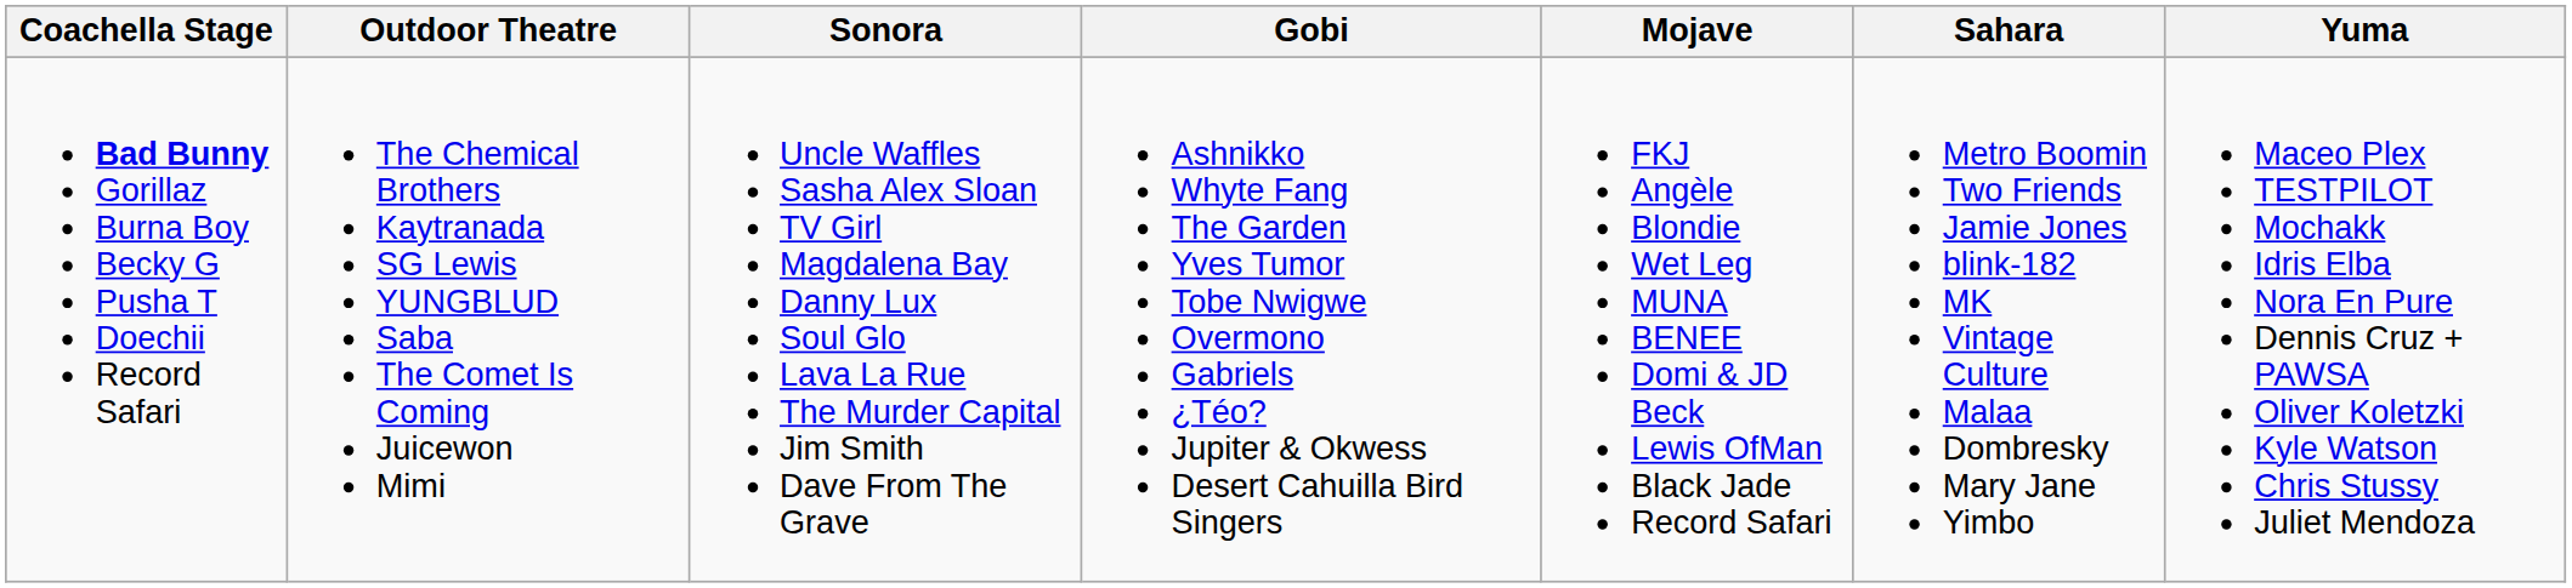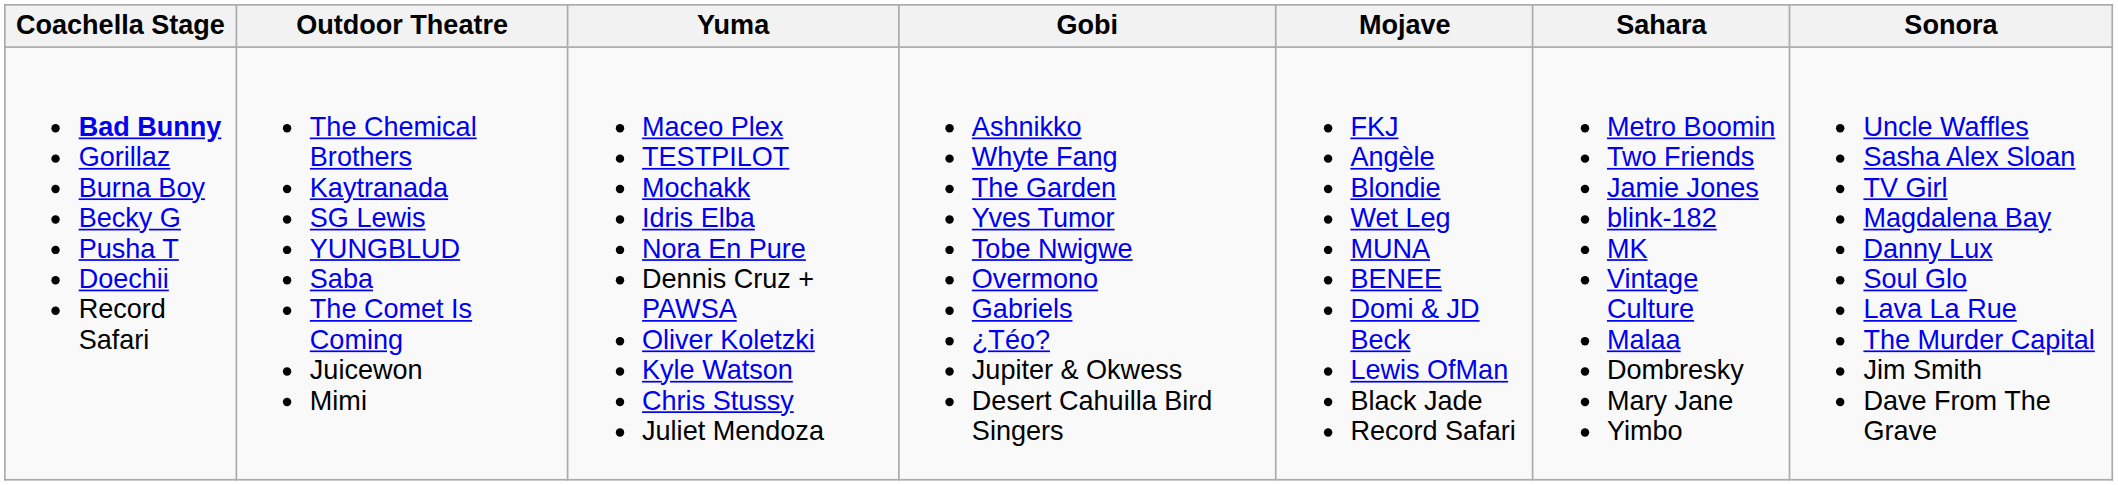 <table class="wikitable">
 <tr>
 <th>Coachella Stage</th>
 <th>Outdoor Theatre</th>
-<th>Sonora</th>
+<th>Yuma</th>
 <th>Gobi</th>
 <th>Mojave</th>
 <th>Sahara</th>
-<th>Yuma</th>
+<th>Sonora</th>
 </tr>
 <tr valign="top">
 <td><br><ul><li><strong><a href='#'>Bad Bunny</a></strong></li><li><a href='#'>Gorillaz</a></li><li><a href='#'>Burna Boy</a></li><li><a href='#'>Becky G</a></li><li><a href='#'>Pusha T</a></li><li><a href='#'>Doechii</a></li><li>Record Safari </li></ul></td>
 <td><br><ul><li><a href='#'>The Chemical Brothers</a></li><li><a href='#'>Kaytranada</a></li><li><a href='#'>SG Lewis</a></li><li><a href='#'>YUNGBLUD</a></li><li><a href='#'>Saba</a></li><li><a href='#'>The Comet Is Coming</a></li><li>Juicewon </li><li>Mimi </li></ul></td>
-<td><br><ul><li><a href='#'>Uncle Waffles</a></li><li><a href='#'>Sasha Alex Sloan</a></li><li><a href='#'>TV Girl</a></li><li><a href='#'>Magdalena Bay</a></li><li><a href='#'>Danny Lux</a></li><li><a href='#'>Soul Glo</a></li><li><a href='#'>Lava La Rue</a></li><li><a href='#'>The Murder Capital</a></li><li>Jim Smith </li><li>Dave From The Grave </li></ul></td>
+<td><br><ul><li><a href='#'>Maceo Plex</a></li><li><a href='#'>TESTPILOT</a></li><li><a href='#'>Mochakk</a></li><li><a href='#'>Idris Elba</a></li><li><a href='#'>Nora En Pure</a></li><li>Dennis Cruz + <a href='#'>PAWSA</a></li><li><a href='#'>Oliver Koletzki</a></li><li><a href='#'>Kyle Watson</a></li><li><a href='#'>Chris Stussy</a></li><li>Juliet Mendoza</li></ul></td>
 <td><br><ul><li><a href='#'>Ashnikko</a></li><li><a href='#'>Whyte Fang</a></li><li><a href='#'>The Garden</a></li><li><a href='#'>Yves Tumor</a></li><li><a href='#'>Tobe Nwigwe</a></li><li><a href='#'>Overmono</a></li><li><a href='#'>Gabriels</a></li><li><a href='#'>¿Téo?</a></li><li>Jupiter & Okwess</li><li>Desert Cahuilla Bird Singers</li></ul></td>
 <td><br><ul><li><a href='#'>FKJ</a></li><li><a href='#'>Angèle</a></li><li><a href='#'>Blondie</a></li><li><a href='#'>Wet Leg</a></li><li><a href='#'>MUNA</a></li><li><a href='#'>BENEE</a></li><li><a href='#'>Domi & JD Beck</a></li><li><a href='#'>Lewis OfMan</a></li><li>Black Jade </li><li>Record Safari </li></ul></td>
 <td><br><ul><li><a href='#'>Metro Boomin</a></li><li><a href='#'>Two Friends</a></li><li><a href='#'>Jamie Jones</a></li><li><a href='#'>blink-182</a> </li><li><a href='#'>MK</a> </li><li><a href='#'>Vintage Culture</a></li><li><a href='#'>Malaa</a></li><li>Dombresky</li><li>Mary Jane </li><li>Yimbo </li></ul></td>
-<td><br><ul><li><a href='#'>Maceo Plex</a></li><li><a href='#'>TESTPILOT</a></li><li><a href='#'>Mochakk</a></li><li><a href='#'>Idris Elba</a></li><li><a href='#'>Nora En Pure</a></li><li>Dennis Cruz + <a href='#'>PAWSA</a></li><li><a href='#'>Oliver Koletzki</a></li><li><a href='#'>Kyle Watson</a></li><li><a href='#'>Chris Stussy</a></li><li>Juliet Mendoza</li></ul></td>
+<td><br><ul><li><a href='#'>Uncle Waffles</a></li><li><a href='#'>Sasha Alex Sloan</a></li><li><a href='#'>TV Girl</a></li><li><a href='#'>Magdalena Bay</a></li><li><a href='#'>Danny Lux</a></li><li><a href='#'>Soul Glo</a></li><li><a href='#'>Lava La Rue</a></li><li><a href='#'>The Murder Capital</a></li><li>Jim Smith </li><li>Dave From The Grave </li></ul></td>
 </tr>
 </table>
